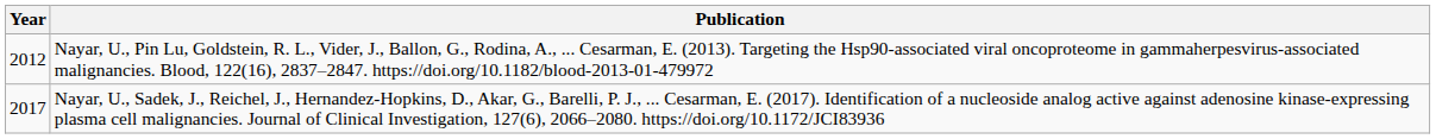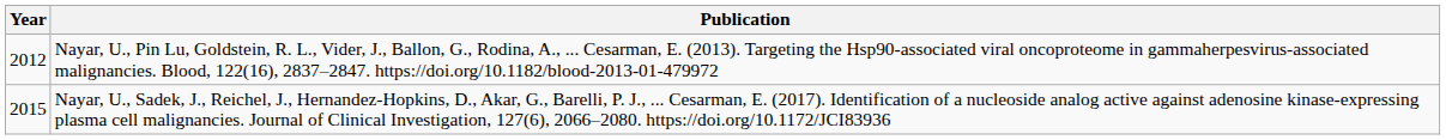 <table class="wikitable">
 <tr>
 <th>Year</th>
 <th>Publication</th>
 </tr>
 <tr>
 <td>2012</td>
 <td>Nayar, U., Pin Lu, Goldstein, R. L., Vider, J., Ballon, G., Rodina, A., ... Cesarman, E. (2013). Targeting the Hsp90-associated viral oncoproteome in gammaherpesvirus-associated malignancies. Blood, 122(16), 2837–2847. https://doi.org/10.1182/blood-2013-01-479972</td>
 </tr>
 <tr>
-<td>2017</td>
+<td>2015</td>
 <td>Nayar, U., Sadek, J., Reichel, J., Hernandez-Hopkins, D., Akar, G., Barelli, P. J., ... Cesarman, E. (2017). Identification of a nucleoside analog active against adenosine kinase-expressing plasma cell malignancies. Journal of Clinical Investigation, 127(6), 2066–2080. https://doi.org/10.1172/JCI83936</td>
 </tr>
 </table>
